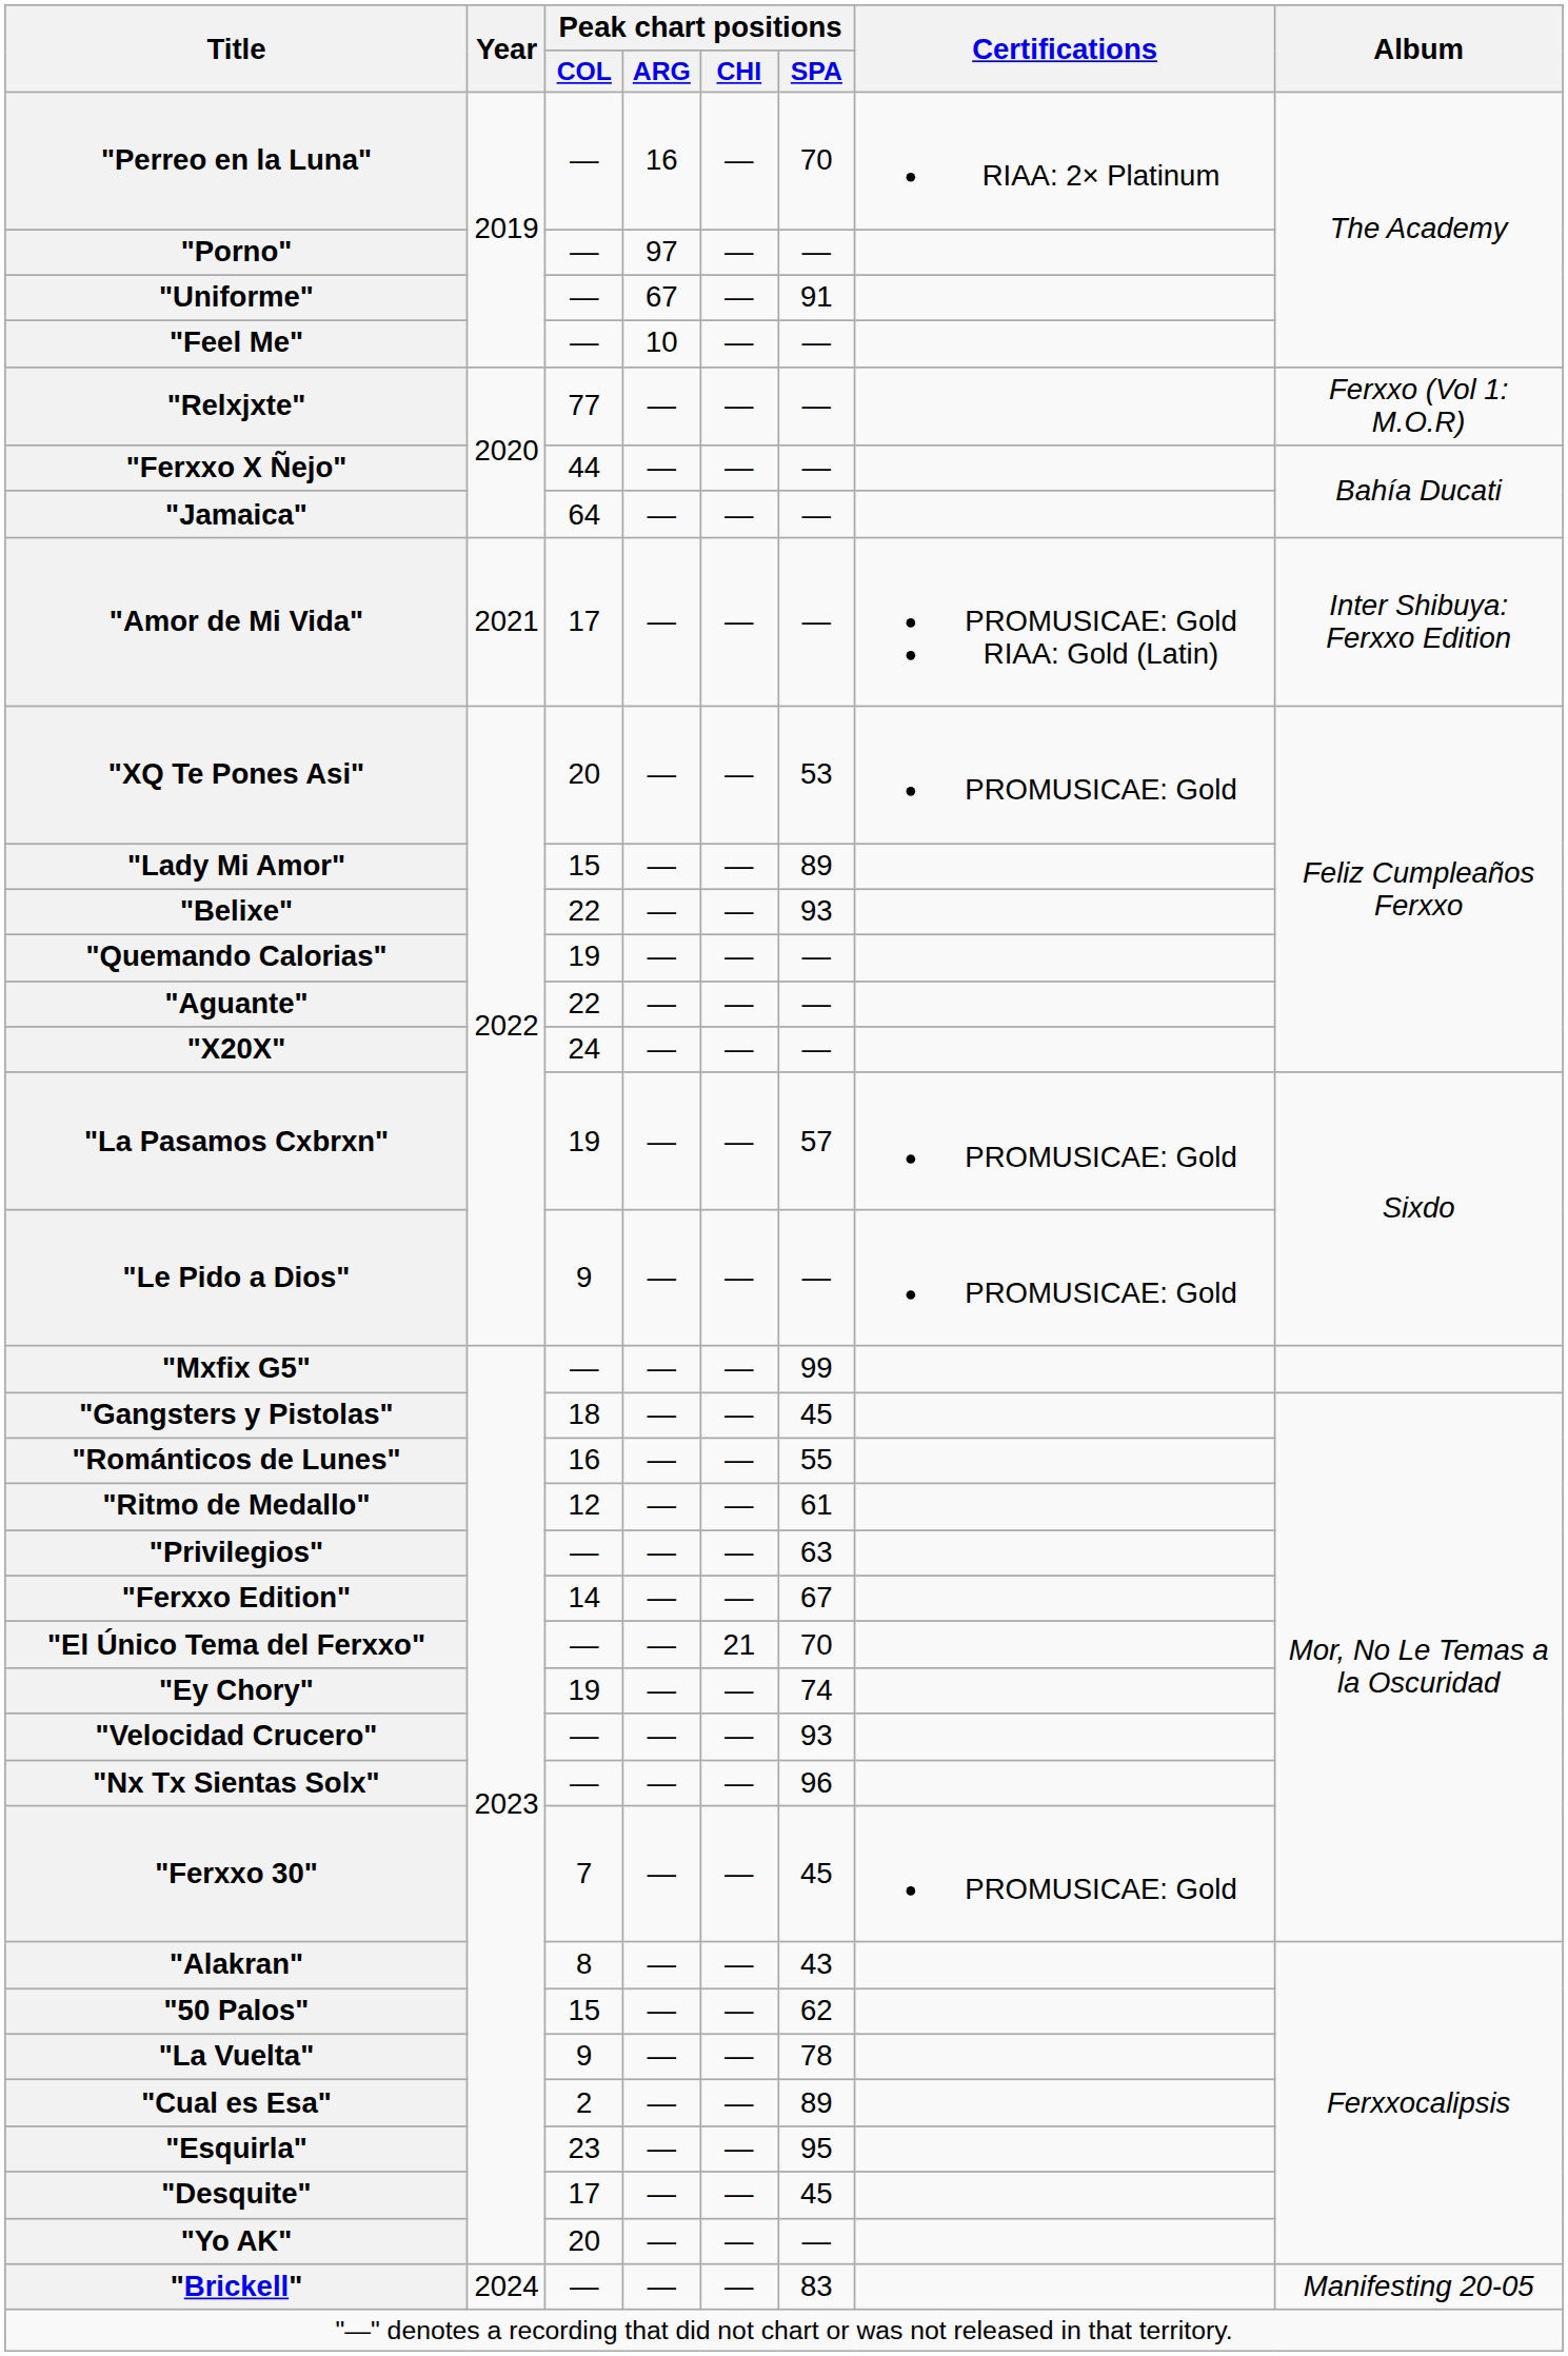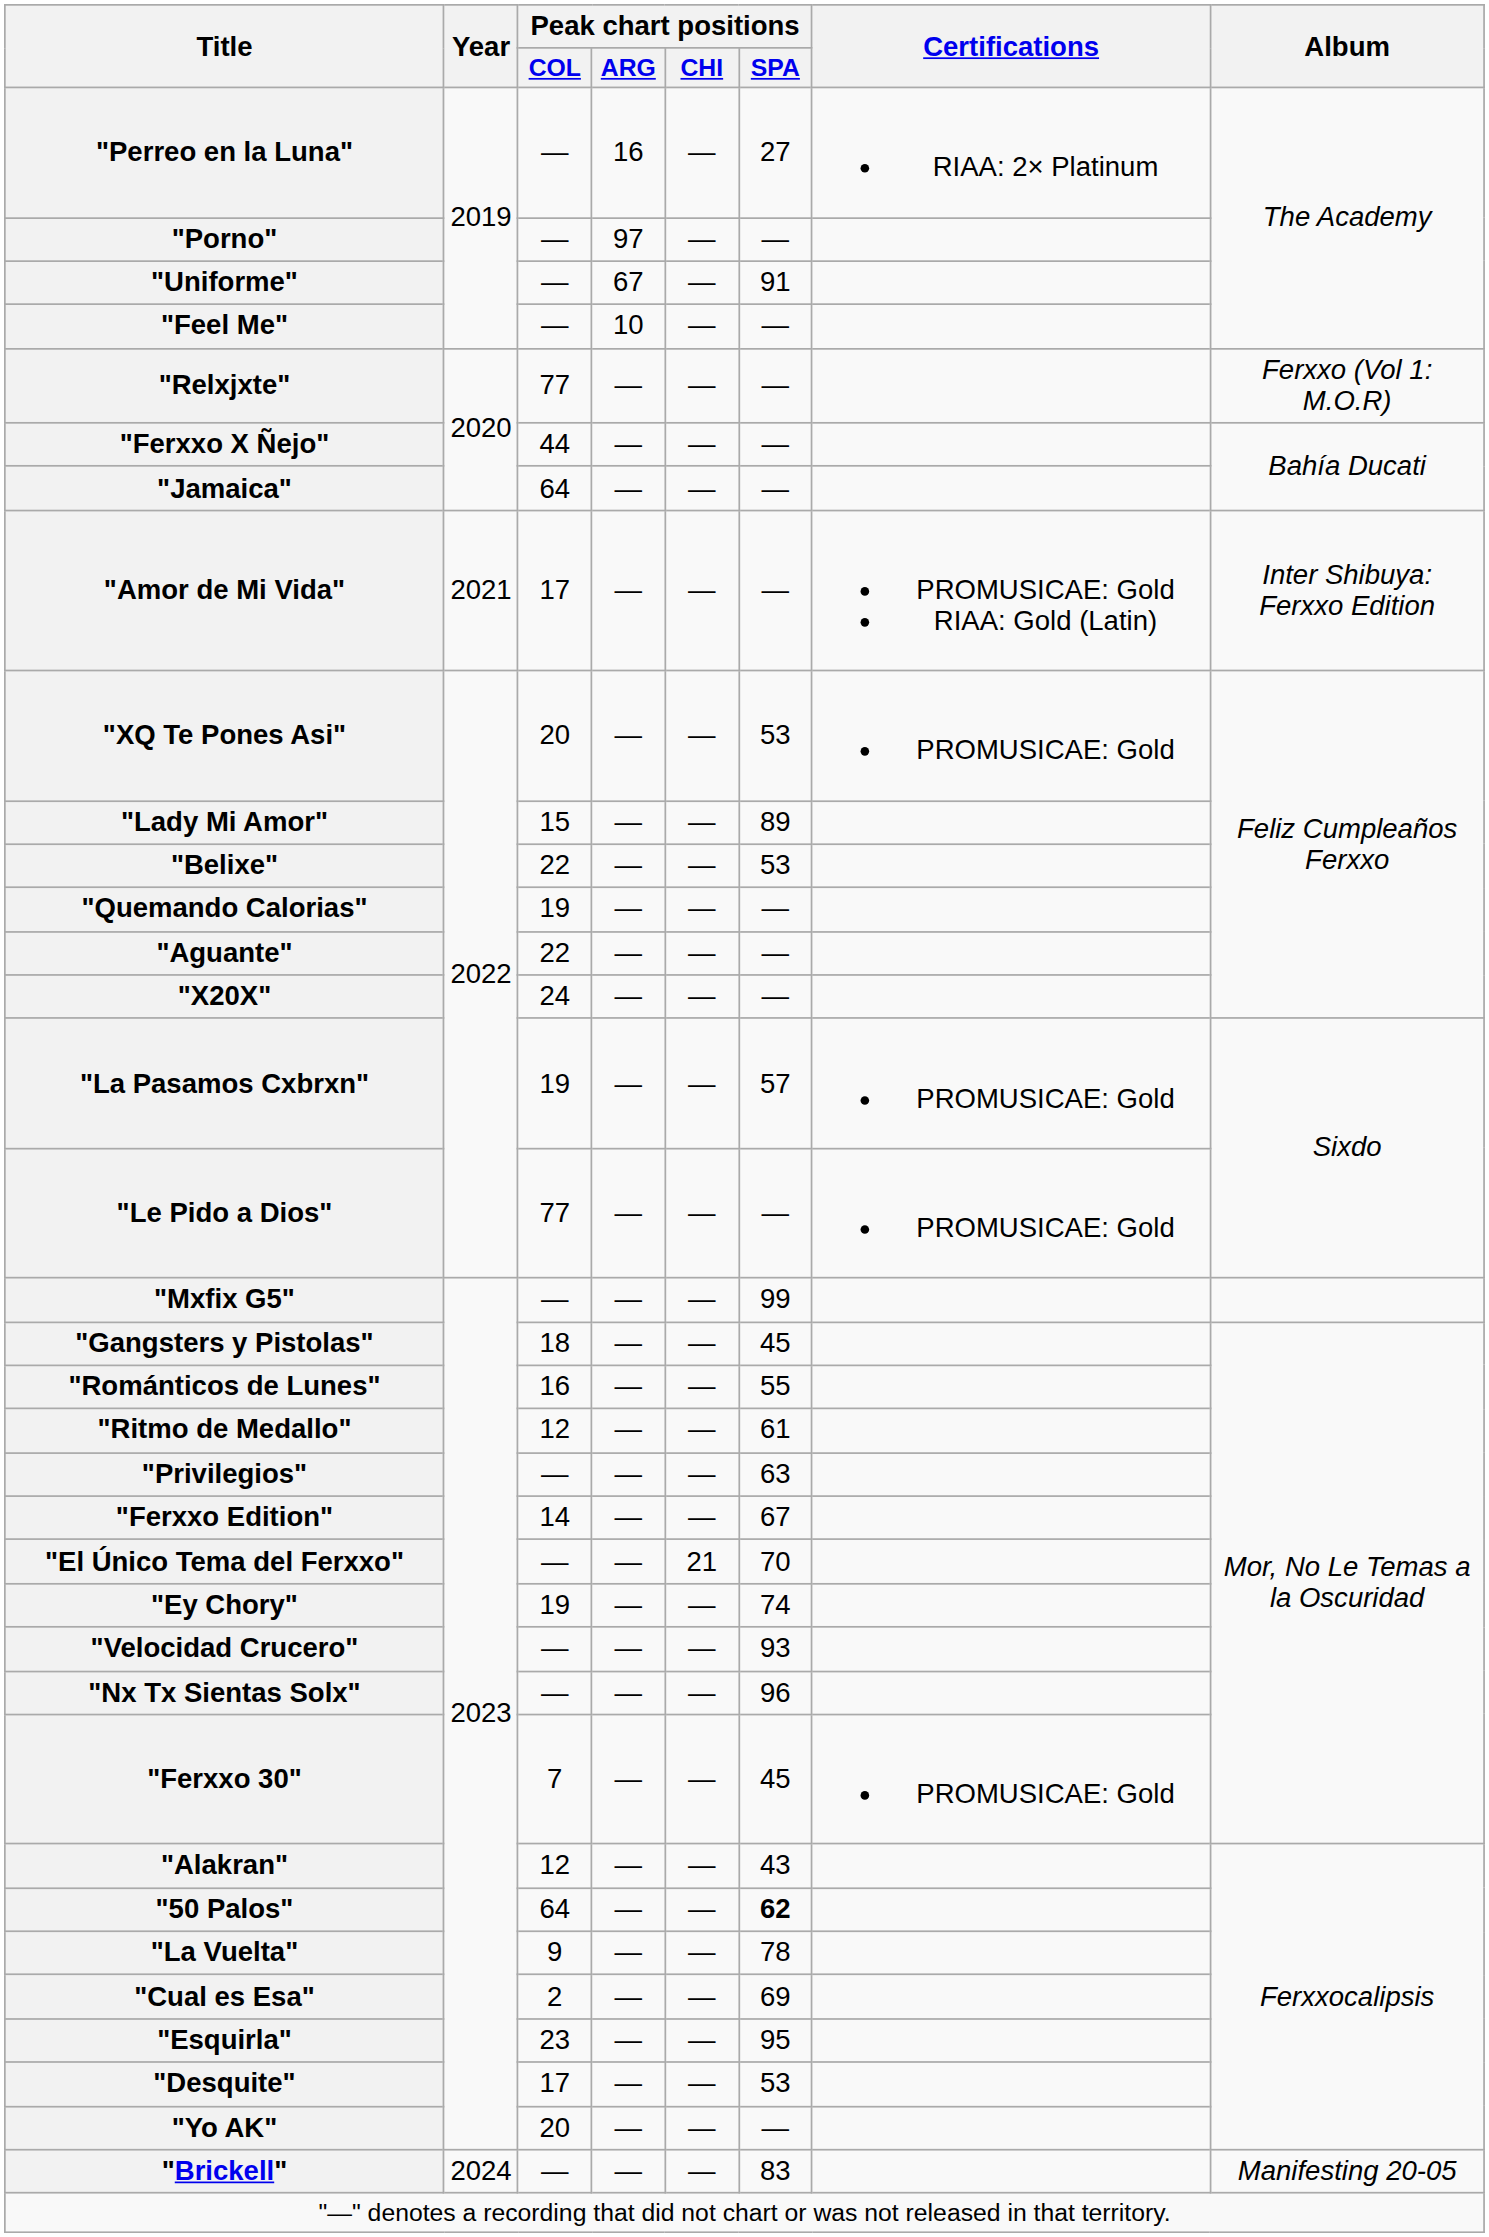 <table class="wikitable plainrowheaders" style="text-align:center;">
 <tr>
 <th scope="col" rowspan="2" style="width:15.5em;">Title</th>
 <th scope="col" rowspan="2" style="width:1em;">Year</th>
 <th scope="col" colspan="4">Peak chart positions</th>
 <th scope="col" rowspan="2" style="width:14em;"><a href='#'>Certifications</a></th>
 <th scope="col" rowspan="2" style="width:9.5em;">Album</th>
 </tr>
 <tr>
 <th scope="col" style="width:2.5em;font-size:90%;"><a href='#'>COL</a><br></th>
 <th scope="col" style="width:2.5em;font-size:90%;"><a href='#'>ARG</a><br></th>
 <th scope="col" style="width:2.5em;font-size:90%;"><a href='#'>CHI</a><br></th>
 <th scope="col" style="width:2.5em;font-size:90%;"><a href='#'>SPA</a><br></th>
 </tr>
 <tr>
 <th scope="row">"Perreo en la Luna"<br></th>
 <td rowspan="4">2019</td>
 <td>—</td>
 <td>16</td>
 <td>—</td>
-<td>70</td>
+<td>27</td>
 <td><br><ul><li>RIAA: 2× Platinum </li></ul></td>
 <td rowspan="4"><em>The Academy</em></td>
 </tr>
 <tr>
 <th scope="row">"Porno"<br></th>
 <td>—</td>
 <td>97</td>
 <td>—</td>
 <td>—</td>
 <td></td>
 </tr>
 <tr>
 <th scope="row">"Uniforme"<br></th>
 <td>—</td>
 <td>67</td>
 <td>—</td>
 <td>91</td>
 <td></td>
 </tr>
 <tr>
 <th scope="row">"Feel Me"<br></th>
 <td>—</td>
 <td>10</td>
 <td>—</td>
 <td>—</td>
 <td></td>
 </tr>
 <tr>
 <th scope="row">"Relxjxte"<br></th>
 <td rowspan=3>2020</td>
 <td>77</td>
 <td>—</td>
 <td>—</td>
 <td>—</td>
 <td></td>
 <td><em>Ferxxo (Vol 1: M.O.R)</em></td>
 </tr>
 <tr>
 <th scope="row">"Ferxxo X Ñejo"<br></th>
 <td>44</td>
 <td>—</td>
 <td>—</td>
 <td>—</td>
 <td></td>
 <td rowspan=2><em>Bahía Ducati</em></td>
 </tr>
 <tr>
 <th scope="row">"Jamaica"<br></th>
 <td>64</td>
 <td>—</td>
 <td>—</td>
 <td>—</td>
 <td></td>
 </tr>
 <tr>
 <th scope="row">"Amor de Mi Vida"</th>
 <td>2021</td>
 <td>17</td>
 <td>—</td>
 <td>—</td>
 <td>—</td>
 <td><br><ul><li>PROMUSICAE: Gold</li><li>RIAA: Gold (Latin)</li></ul></td>
 <td><em>Inter Shibuya: Ferxxo Edition</em></td>
 </tr>
 <tr>
 <th scope="row">"XQ Te Pones Asi"<br></th>
 <td rowspan="8">2022</td>
 <td>20</td>
 <td>—</td>
 <td>—</td>
 <td>53</td>
 <td><br><ul><li>PROMUSICAE: Gold</li></ul></td>
 <td rowspan="6"><em>Feliz Cumpleaños Ferxxo</em></td>
 </tr>
 <tr>
 <th scope="row">"Lady Mi Amor"</th>
 <td>15</td>
 <td>—</td>
 <td>—</td>
 <td>89</td>
 <td></td>
 </tr>
 <tr>
 <th scope="row">"Belixe"</th>
 <td>22</td>
 <td>—</td>
 <td>—</td>
-<td>93</td>
+<td>53</td>
 <td></td>
 </tr>
 <tr>
 <th scope="row">"Quemando Calorias"<br></th>
 <td>19</td>
 <td>—</td>
 <td>—</td>
 <td>—</td>
 <td></td>
 </tr>
 <tr>
 <th scope="row">"Aguante"</th>
 <td>22</td>
 <td>—</td>
 <td>—</td>
 <td>—</td>
 <td></td>
 </tr>
 <tr>
 <th scope="row">"X20X"</th>
 <td>24</td>
 <td>—</td>
 <td>—</td>
 <td>—</td>
 <td></td>
 </tr>
 <tr>
 <th scope="row">"La Pasamos Cxbrxn"<br></th>
 <td>19</td>
 <td>—</td>
 <td>—</td>
 <td>57</td>
 <td><br><ul><li>PROMUSICAE: Gold</li></ul></td>
 <td rowspan="2"><em>Sixdo</em></td>
 </tr>
 <tr>
 <th scope="row">"Le Pido a Dios"<br></th>
-<td>9</td>
+<td>77</td>
 <td>—</td>
 <td>—</td>
 <td>—</td>
 <td><br><ul><li>PROMUSICAE: Gold</li></ul></td>
 </tr>
 <tr>
 <th scope="row">"Mxfix G5"</th>
 <td rowspan="18">2023</td>
 <td>—</td>
 <td>—</td>
 <td>—</td>
 <td>99</td>
 <td></td>
 <td></td>
 </tr>
 <tr>
 <th scope="row">"Gangsters y Pistolas"<br></th>
 <td>18</td>
 <td>—</td>
 <td>—</td>
 <td>45</td>
 <td></td>
 <td rowspan="10"><em>Mor, No Le Temas a la Oscuridad</em></td>
 </tr>
 <tr>
 <th scope="row">"Románticos de Lunes"</th>
 <td>16</td>
 <td>—</td>
 <td>—</td>
 <td>55</td>
 <td></td>
 </tr>
 <tr>
 <th scope="row">"Ritmo de Medallo"<br></th>
 <td>12</td>
 <td>—</td>
 <td>—</td>
 <td>61</td>
 <td></td>
 </tr>
 <tr>
 <th scope="row">"Privilegios"<br></th>
 <td>—</td>
 <td>—</td>
 <td>—</td>
 <td>63</td>
 <td></td>
 </tr>
 <tr>
 <th scope="row">"Ferxxo Edition"</th>
 <td>14</td>
 <td>—</td>
 <td>—</td>
 <td>67</td>
 <td></td>
 </tr>
 <tr>
 <th scope="row">"El Único Tema del Ferxxo" <br></th>
 <td>—</td>
 <td>—</td>
 <td>21</td>
 <td>70</td>
 <td></td>
 </tr>
 <tr>
 <th scope="row">"Ey Chory"</th>
 <td>19</td>
 <td>—</td>
 <td>—</td>
 <td>74</td>
 <td></td>
 </tr>
 <tr>
 <th scope="row">"Velocidad Crucero"</th>
 <td>—</td>
 <td>—</td>
 <td>—</td>
 <td>93</td>
 <td></td>
 </tr>
 <tr>
 <th scope="row">"Nx Tx Sientas Solx"</th>
 <td>—</td>
 <td>—</td>
 <td>—</td>
 <td>96</td>
 <td></td>
 </tr>
 <tr>
 <th scope="row">"Ferxxo 30"</th>
 <td>7</td>
 <td>—</td>
 <td>—</td>
 <td>45</td>
 <td><br><ul><li>PROMUSICAE: Gold</li></ul></td>
 </tr>
 <tr>
 <th scope="row">"Alakran"</th>
-<td>8</td>
+<td>12</td>
 <td>—</td>
 <td>—</td>
 <td>43</td>
 <td></td>
 <td rowspan="7"><em>Ferxxocalipsis</em></td>
 </tr>
 <tr>
 <th scope="row">"50 Palos"</th>
-<td>15</td>
+<td>64</td>
 <td>—</td>
 <td>—</td>
-<td>62</td>
+<td><strong>62</strong></td>
 <td></td>
 </tr>
 <tr>
 <th scope="row">"La Vuelta"<br></th>
 <td>9</td>
 <td>—</td>
 <td>—</td>
 <td>78</td>
 <td></td>
 </tr>
 <tr>
 <th scope="row">"Cual es Esa"<br></th>
 <td>2</td>
 <td>—</td>
 <td>—</td>
-<td>89</td>
+<td>69</td>
 <td></td>
 </tr>
 <tr>
 <th scope="row">"Esquirla"</th>
 <td>23</td>
 <td>—</td>
 <td>—</td>
 <td>95</td>
 <td></td>
 </tr>
 <tr>
 <th scope="row">"Desquite"</th>
 <td>17</td>
 <td>—</td>
 <td>—</td>
-<td>45</td>
+<td>53</td>
 <td></td>
 </tr>
 <tr>
 <th scope="row">"Yo AK"</th>
 <td>20</td>
 <td>—</td>
 <td>—</td>
 <td>—</td>
 <td></td>
 </tr>
 <tr>
 <th scope="row">"<a href='#'>Brickell</a>"<br></th>
 <td>2024</td>
 <td>—</td>
 <td>—</td>
 <td>—</td>
 <td>83</td>
 <td></td>
 <td><em>Manifesting 20-05</em></td>
 </tr>
 <tr>
 <td colspan="15" style="font-size:90%">"—" denotes a recording that did not chart or was not released in that territory.</td>
 </tr>
 </table>
